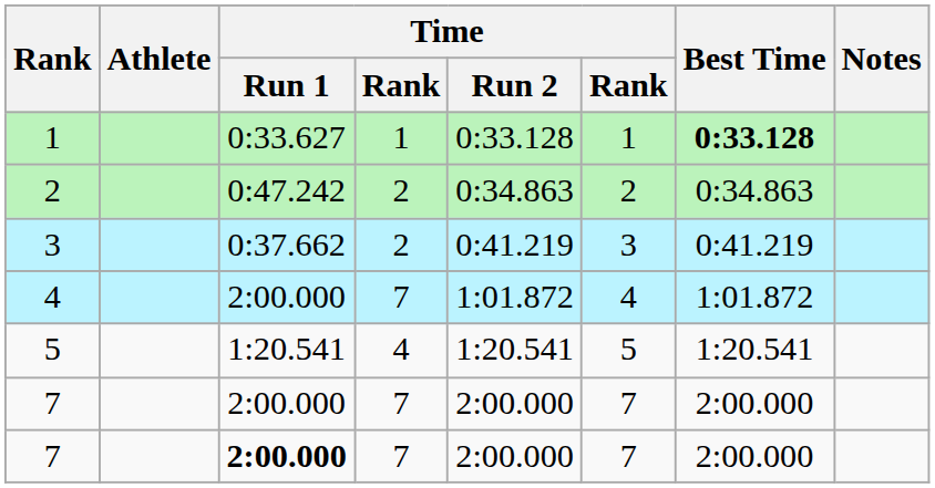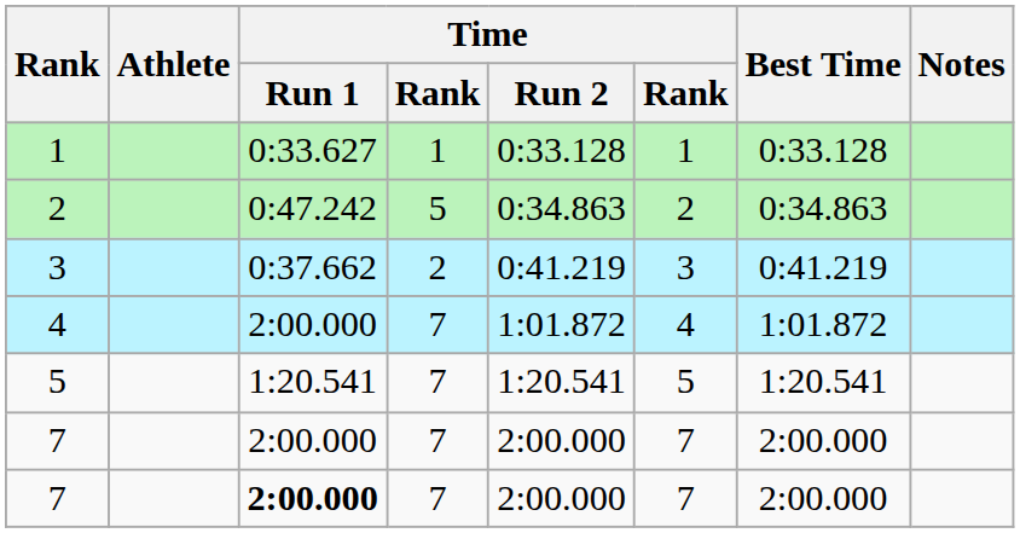 <table class="wikitable sortable" style="text-align:center">
 <tr>
 <th rowspan="2">Rank</th>
 <th rowspan="2">Athlete</th>
 <th colspan="4">Time</th>
 <th rowspan="2">Best Time</th>
 <th rowspan="2">Notes</th>
 </tr>
 <tr>
 <th>Run 1</th>
 <th>Rank</th>
 <th>Run 2</th>
 <th>Rank</th>
 </tr>
 <tr bgcolor=bbf3bb>
 <td>1</td>
 <td align="left"></td>
 <td>0:33.627</td>
 <td>1</td>
 <td>0:33.128</td>
 <td>1</td>
-<td><strong>0:33.128</strong></td>
+<td>0:33.128</td>
 <td></td>
 </tr>
 <tr bgcolor=bbf3bb>
 <td>2</td>
 <td align="left"></td>
 <td>0:47.242</td>
-<td>2</td>
+<td>5</td>
 <td>0:34.863</td>
 <td>2</td>
 <td>0:34.863</td>
 <td></td>
 </tr>
 <tr bgcolor=BBF3FF>
 <td>3</td>
 <td align="left"></td>
 <td>0:37.662</td>
 <td>2</td>
 <td>0:41.219</td>
 <td>3</td>
 <td>0:41.219</td>
 <td></td>
 </tr>
 <tr bgcolor=BBF3FF>
 <td>4</td>
 <td align="left"></td>
 <td>2:00.000</td>
 <td>7</td>
 <td>1:01.872</td>
 <td>4</td>
 <td>1:01.872</td>
 <td></td>
 </tr>
 <tr>
 <td>5</td>
 <td align="left"></td>
 <td>1:20.541</td>
-<td>4</td>
+<td>7</td>
 <td>1:20.541</td>
 <td>5</td>
 <td>1:20.541</td>
 <td></td>
 </tr>
 <tr>
 <td>7</td>
 <td align="left"></td>
 <td>2:00.000</td>
 <td>7</td>
 <td>2:00.000</td>
 <td>7</td>
 <td>2:00.000</td>
 <td></td>
 </tr>
 <tr>
 <td>7</td>
 <td align="left"></td>
 <td><strong>2:00.000</strong></td>
 <td>7</td>
 <td>2:00.000</td>
 <td>7</td>
 <td>2:00.000</td>
 <td></td>
 </tr>
 </table>
